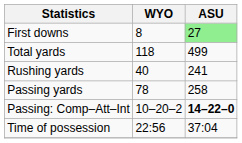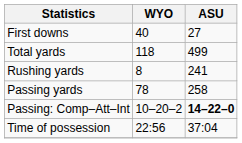 <table class="wikitable" style="float: left;">
 <tr>
 <th>Statistics</th>
 <th>WYO</th>
 <th>ASU</th>
 </tr>
 <tr>
 <td>First downs</td>
-<td>8</td>
-<td style="background: lightgreen;">27</td>
+<td>40</td>
+<td>27</td>
 </tr>
 <tr>
 <td>Total yards</td>
 <td>118</td>
 <td>499</td>
 </tr>
 <tr>
 <td>Rushing yards</td>
-<td>40</td>
+<td>8</td>
 <td>241</td>
 </tr>
 <tr>
 <td>Passing yards</td>
 <td>78</td>
 <td>258</td>
 </tr>
 <tr>
 <td>Passing: Comp–Att–Int</td>
 <td>10–20–2</td>
 <td><strong>14–22–0</strong></td>
 </tr>
 <tr>
 <td>Time of possession</td>
 <td>22:56</td>
 <td>37:04</td>
 </tr>
 <tr>
 </tr>
 </table>
